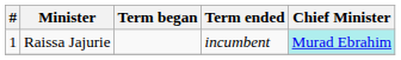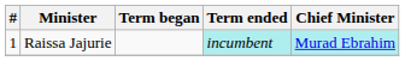 <table class="wikitable">
 <tr>
 <th>#</th>
 <th>Minister</th>
 <th>Term began</th>
 <th>Term ended</th>
 <th>Chief Minister</th>
 </tr>
 <tr>
 <td>1</td>
 <td>Raissa Jajurie</td>
 <td></td>
-<td><em>incumbent</em></td>
+<td style="background: paleturquoise;"><em>incumbent</em></td>
 <td style="background: paleturquoise;"><a href='#'>Murad Ebrahim</a></td>
 </tr>
 <tr>
 </tr>
 </table>
